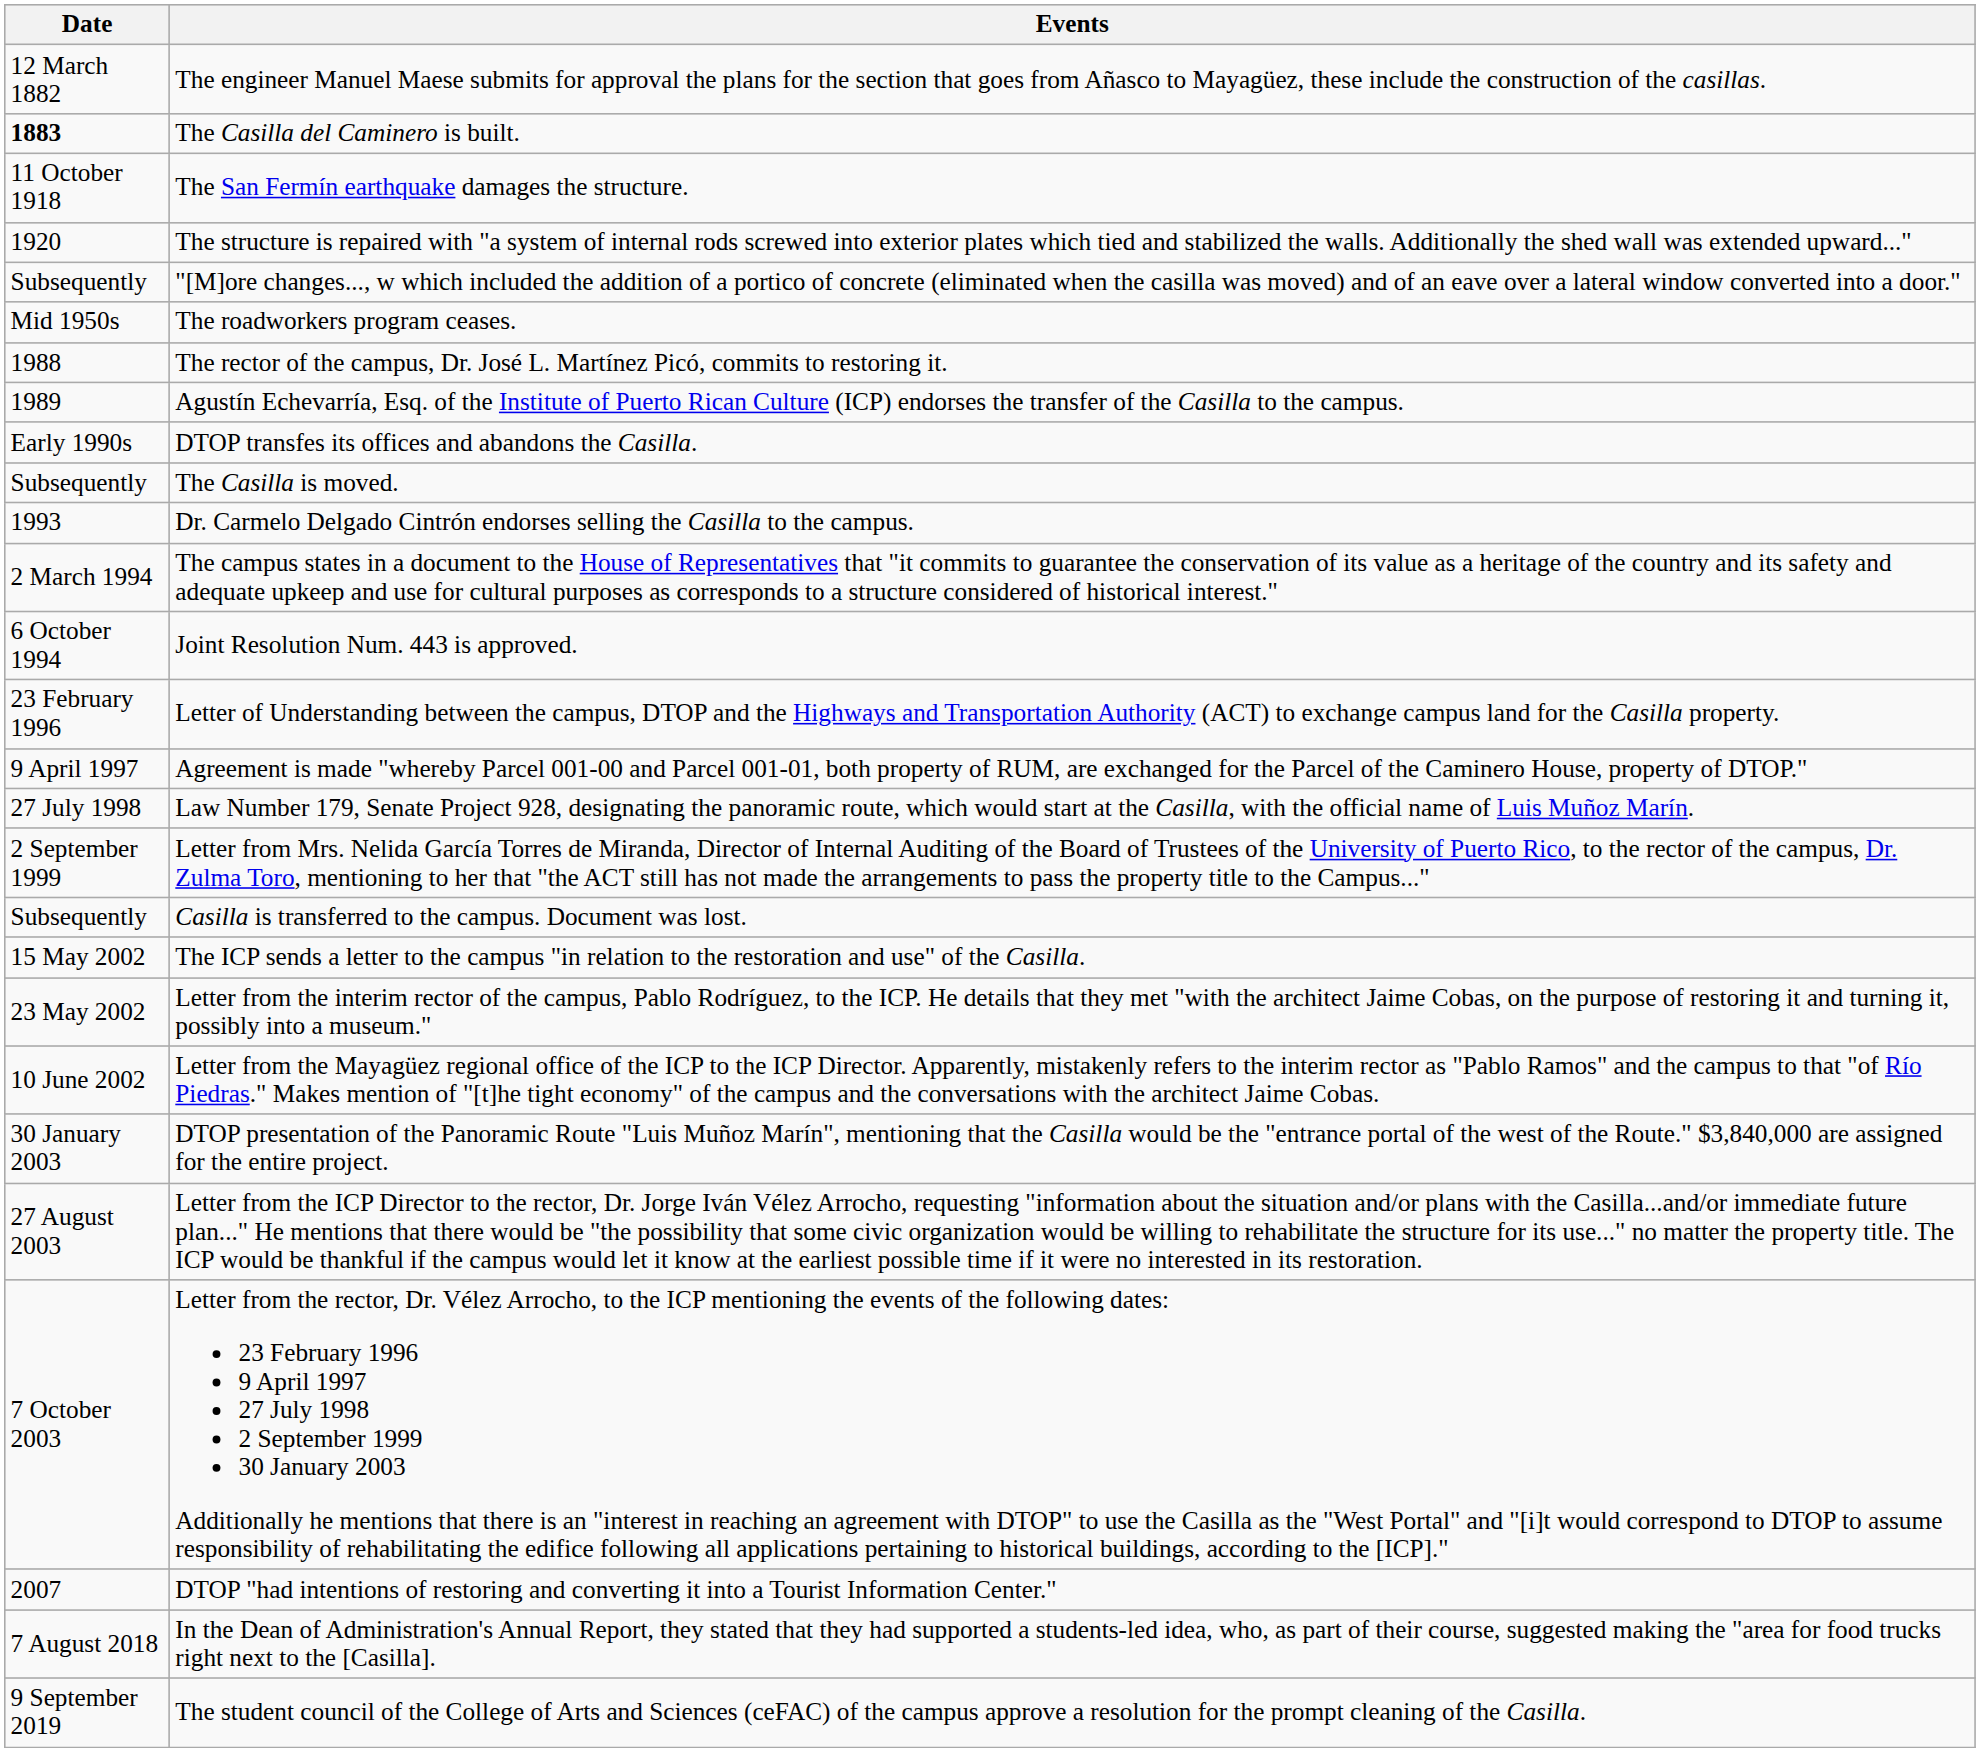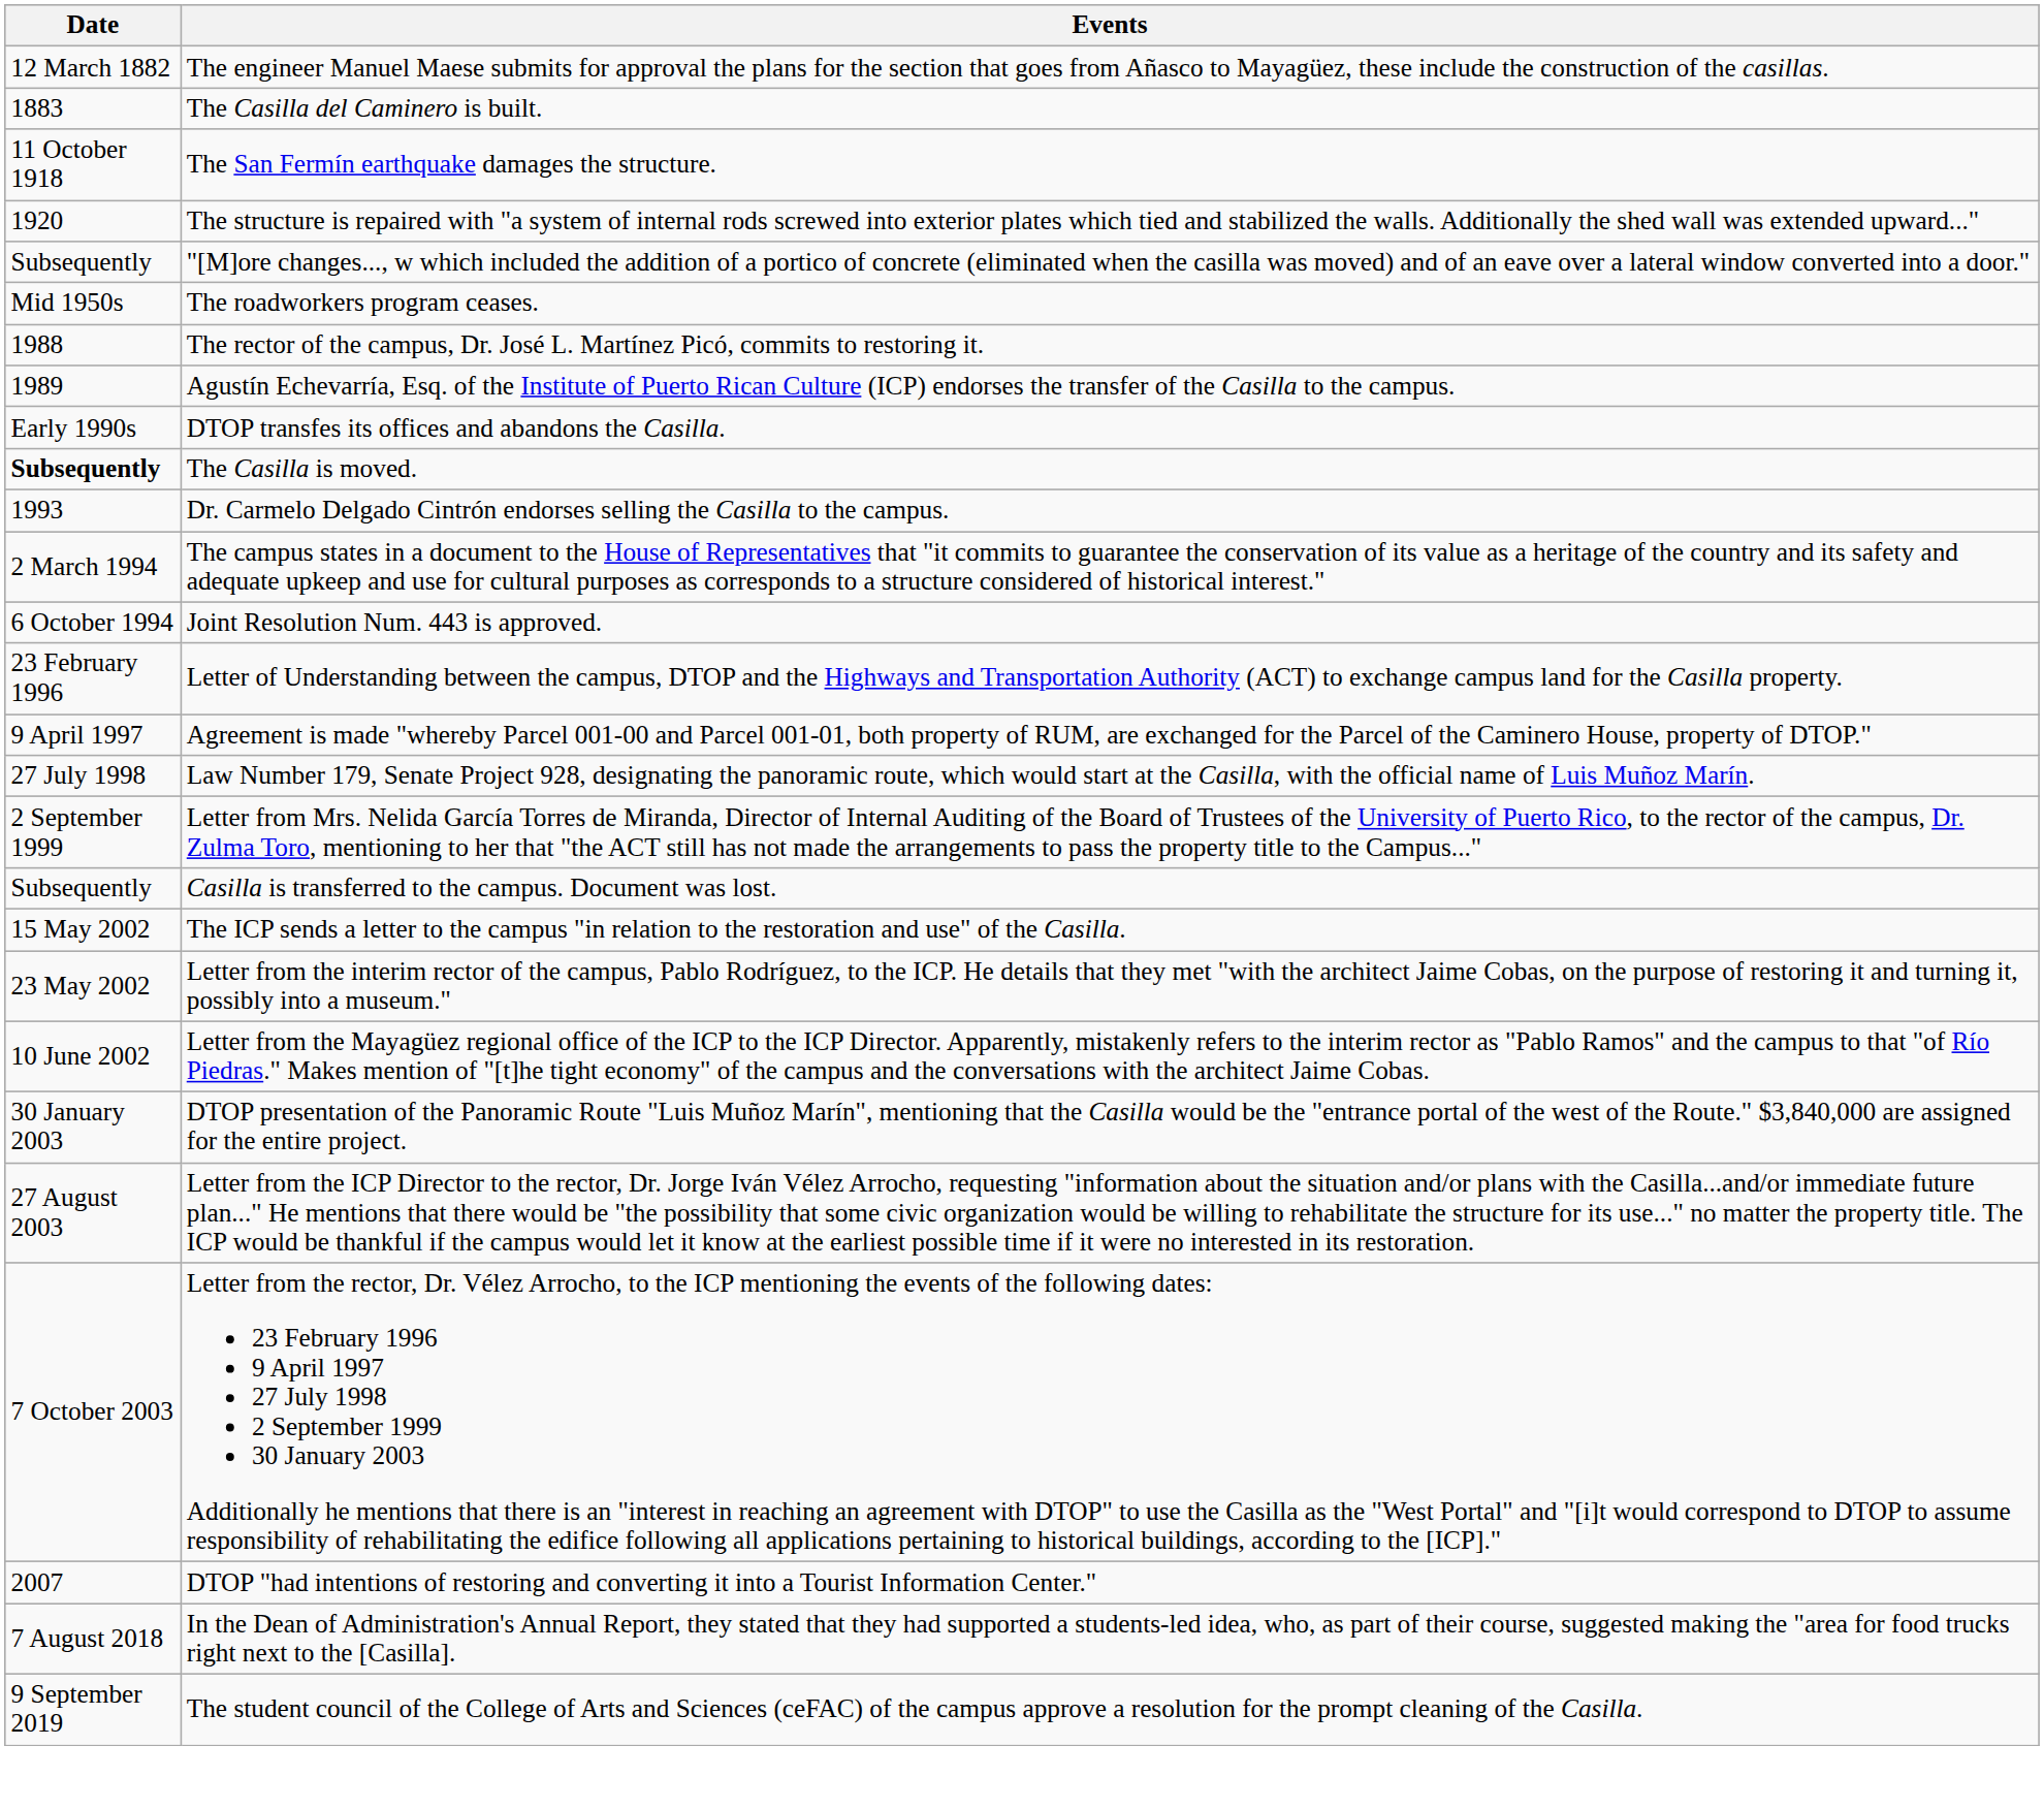 <table class="wikitable">
 <tr>
 <th>Date</th>
 <th>Events</th>
 </tr>
 <tr>
 <td>12 March 1882</td>
 <td>The engineer Manuel Maese submits for approval the plans for the section that goes from Añasco to Mayagüez, these include the construction of the <em>casillas</em>.</td>
 </tr>
 <tr>
-<td><strong>1883</strong></td>
+<td>1883</td>
 <td>The <em>Casilla del Caminero</em> is built.</td>
 </tr>
 <tr>
 <td>11 October 1918</td>
 <td>The <a href='#'>San Fermín earthquake</a> damages the structure.</td>
 </tr>
 <tr>
 <td>1920</td>
 <td>The structure is repaired with "a system of internal rods screwed into exterior plates which tied and stabilized the walls. Additionally the shed wall was extended upward..."</td>
 </tr>
 <tr>
 <td>Subsequently</td>
 <td>"[M]ore changes..., w which included the addition of a portico of concrete (eliminated when the casilla was moved) and of an eave over a lateral window converted into a door."</td>
 </tr>
 <tr>
 <td>Mid 1950s</td>
 <td>The roadworkers program ceases.</td>
 </tr>
 <tr>
 <td>1988</td>
 <td>The rector of the campus, Dr. José L. Martínez Picó, commits to restoring it.</td>
 </tr>
 <tr>
 <td>1989</td>
 <td>Agustín Echevarría, Esq. of the <a href='#'>Institute of Puerto Rican Culture</a> (ICP) endorses the transfer of the <em>Casilla</em> to the campus.</td>
 </tr>
 <tr>
 <td>Early 1990s</td>
 <td>DTOP transfes its offices and abandons the <em>Casilla</em>.</td>
 </tr>
 <tr>
-<td>Subsequently</td>
+<td><strong>Subsequently</strong></td>
 <td>The <em>Casilla</em> is moved.</td>
 </tr>
 <tr>
 <td>1993</td>
 <td>Dr. Carmelo Delgado Cintrón endorses selling the <em>Casilla</em> to the campus.</td>
 </tr>
 <tr>
 <td>2 March 1994</td>
 <td>The campus states in a document to the <a href='#'>House of Representatives</a> that "it commits to guarantee the conservation of its value as a heritage of the country and its safety and adequate upkeep and use for cultural purposes as corresponds to a structure considered of historical interest."</td>
 </tr>
 <tr>
 <td>6 October 1994</td>
 <td>Joint Resolution Num. 443 is approved.</td>
 </tr>
 <tr>
 <td>23 February 1996</td>
 <td>Letter of Understanding between the campus, DTOP and the <a href='#'>Highways and Transportation Authority</a> (ACT) to exchange campus land for the <em>Casilla</em> property.</td>
 </tr>
 <tr>
 <td>9 April 1997</td>
 <td>Agreement is made "whereby Parcel 001-00 and Parcel 001-01, both property of RUM, are exchanged for the Parcel of the Caminero House, property of DTOP."</td>
 </tr>
 <tr>
 <td>27 July 1998</td>
 <td>Law Number 179, Senate Project 928, designating the panoramic route, which would start at the <em>Casilla</em>, with the official name of <a href='#'>Luis Muñoz Marín</a>.</td>
 </tr>
 <tr>
 <td>2 September 1999</td>
 <td>Letter from Mrs. Nelida García Torres de Miranda, Director of Internal Auditing of the Board of Trustees of the <a href='#'>University of Puerto Rico</a>, to the rector of the campus, <a href='#'>Dr. Zulma Toro</a>, mentioning to her that "the ACT still has not made the arrangements to pass the property title to the Campus..."</td>
 </tr>
 <tr>
 <td>Subsequently</td>
 <td><em>Casilla</em> is transferred to the campus. Document was lost.</td>
 </tr>
 <tr>
 <td>15 May 2002</td>
 <td>The ICP sends a letter to the campus "in relation to the restoration and use" of the <em>Casilla</em>.</td>
 </tr>
 <tr>
 <td>23 May 2002</td>
 <td>Letter from the interim rector of the campus, Pablo Rodríguez, to the ICP. He details that they met "with the architect Jaime Cobas, on the purpose of restoring it and turning it, possibly into a museum."</td>
 </tr>
 <tr>
 <td>10 June 2002</td>
 <td>Letter from the Mayagüez regional office of the ICP to the ICP Director. Apparently, mistakenly refers to the interim rector as "Pablo Ramos" and the campus to that "of <a href='#'>Río Piedras</a>." Makes mention of "[t]he tight economy" of the campus and the conversations with the architect Jaime Cobas.</td>
 </tr>
 <tr>
 <td>30 January 2003</td>
 <td>DTOP presentation of the Panoramic Route "Luis Muñoz Marín", mentioning that the <em>Casilla</em> would be the "entrance portal of the west of the Route." $3,840,000 are assigned for the entire project.</td>
 </tr>
 <tr>
 <td>27 August 2003</td>
 <td>Letter from the ICP Director to the rector, Dr. Jorge Iván Vélez Arrocho, requesting "information about the situation and/or plans with the Casilla...and/or immediate future plan..." He mentions that there would be "the possibility that some civic organization would be willing to rehabilitate the structure for its use..." no matter the property title. The ICP would be thankful if the campus would let it know at the earliest possible time if it were no interested in its restoration.</td>
 </tr>
 <tr>
 <td>7 October 2003</td>
 <td>Letter from the rector, Dr. Vélez Arrocho, to the ICP mentioning the events of the following dates:<br><ul><li>23 February 1996</li><li>9 April 1997</li><li>27 July 1998</li><li>2 September 1999</li><li>30 January 2003</li></ul>Additionally he mentions that there is an "interest in reaching an agreement with DTOP" to use the Casilla as the "West Portal" and "[i]t would correspond to DTOP to assume responsibility of rehabilitating the edifice following all applications pertaining to historical buildings, according to the [ICP]."</td>
 </tr>
 <tr>
 <td>2007</td>
 <td>DTOP "had intentions of restoring and converting it into a Tourist Information Center."</td>
 </tr>
 <tr>
 <td>7 August 2018</td>
 <td>In the Dean of Administration's Annual Report, they stated that they had supported a students-led idea, who, as part of their course, suggested making the "area for food trucks right next to the [Casilla].</td>
 </tr>
 <tr>
 <td>9 September 2019</td>
 <td>The student council of the College of Arts and Sciences (ceFAC) of the campus approve a resolution for the prompt cleaning of the <em>Casilla</em>.</td>
 </tr>
 </table>
